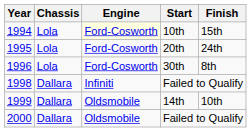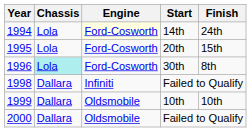 <table class="wikitable" style="font-size: 95%;">
 <tr>
 <th>Year</th>
 <th>Chassis</th>
 <th>Engine</th>
 <th>Start</th>
 <th>Finish</th>
 </tr>
 <tr>
 <td><a href='#'>1994</a></td>
 <td><a href='#'>Lola</a></td>
 <td style="background: lightyellow;"><a href='#'>Ford-Cosworth</a></td>
-<td>10th</td>
-<td>15th</td>
+<td>14th</td>
+<td>24th</td>
 </tr>
 <tr>
 <td><a href='#'>1995</a></td>
 <td><a href='#'>Lola</a></td>
 <td><a href='#'>Ford-Cosworth</a></td>
 <td>20th</td>
-<td>24th</td>
+<td>15th</td>
 </tr>
 <tr>
 <td><a href='#'>1996</a></td>
-<td><a href='#'>Lola</a></td>
+<td style="background: paleturquoise;"><a href='#'>Lola</a></td>
 <td><a href='#'>Ford-Cosworth</a></td>
 <td>30th</td>
 <td>8th</td>
 </tr>
 <tr>
 <td><a href='#'>1998</a></td>
 <td><a href='#'>Dallara</a></td>
 <td><a href='#'>Infiniti</a></td>
 <td colspan=2>Failed to Qualify</td>
 </tr>
 <tr>
 <td><a href='#'>1999</a></td>
 <td><a href='#'>Dallara</a></td>
 <td><a href='#'>Oldsmobile</a></td>
-<td>14th</td>
+<td>10th</td>
 <td>10th</td>
 </tr>
 <tr>
 <td><a href='#'>2000</a></td>
 <td><a href='#'>Dallara</a></td>
 <td><a href='#'>Oldsmobile</a></td>
 <td colspan=2>Failed to Qualify</td>
 </tr>
 </table>
